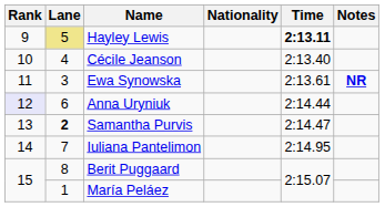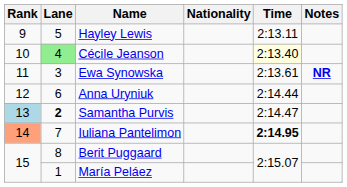 <table class="wikitable sortable" style="text-align:center">
 <tr>
 <th>Rank</th>
 <th>Lane</th>
 <th>Name</th>
 <th>Nationality</th>
 <th>Time</th>
 <th>Notes</th>
 </tr>
 <tr>
 <td>9</td>
-<td style="background: khaki;">5</td>
+<td>5</td>
 <td align=left><a href='#'>Hayley Lewis</a></td>
 <td align=left></td>
-<td><strong>2:13.11</strong></td>
+<td>2:13.11</td>
 <td></td>
 </tr>
 <tr>
 <td>10</td>
-<td>4</td>
+<td style="background: lightgreen;">4</td>
 <td align=left><a href='#'>Cécile Jeanson</a></td>
 <td align=left></td>
-<td>2:13.40</td>
+<td style="background: lightyellow;">2:13.40</td>
 <td></td>
 </tr>
 <tr>
 <td>11</td>
 <td>3</td>
 <td align=left><a href='#'>Ewa Synowska</a></td>
 <td align=left></td>
 <td>2:13.61</td>
 <td><strong><a href='#'>NR</a></strong></td>
 </tr>
 <tr>
-<td style="background: lavender;">12</td>
+<td>12</td>
 <td>6</td>
 <td align=left><a href='#'>Anna Uryniuk</a></td>
 <td align=left></td>
 <td>2:14.44</td>
 <td></td>
 </tr>
 <tr>
-<td>13</td>
+<td style="background: lightblue;">13</td>
 <td><strong>2</strong></td>
 <td align=left><a href='#'>Samantha Purvis</a></td>
 <td align=left></td>
 <td>2:14.47</td>
 <td></td>
 </tr>
 <tr>
-<td>14</td>
+<td style="background: lightsalmon;">14</td>
 <td>7</td>
 <td align=left><a href='#'>Iuliana Pantelimon</a></td>
 <td align=left></td>
-<td>2:14.95</td>
+<td><strong>2:14.95</strong></td>
 <td></td>
 </tr>
 <tr>
 <td rowspan=2>15</td>
 <td>8</td>
 <td align=left><a href='#'>Berit Puggaard</a></td>
 <td align=left></td>
 <td rowspan=2>2:15.07</td>
 <td></td>
 </tr>
 <tr>
 <td>1</td>
 <td align=left><a href='#'>María Peláez</a></td>
 <td align=left></td>
 <td></td>
 </tr>
 </table>
